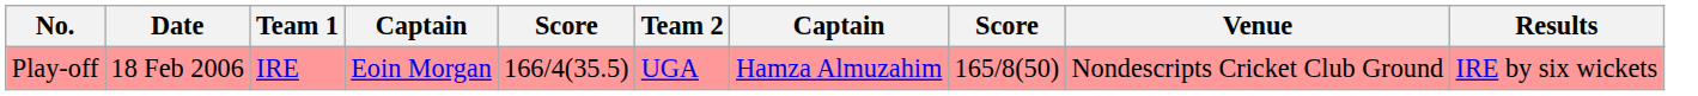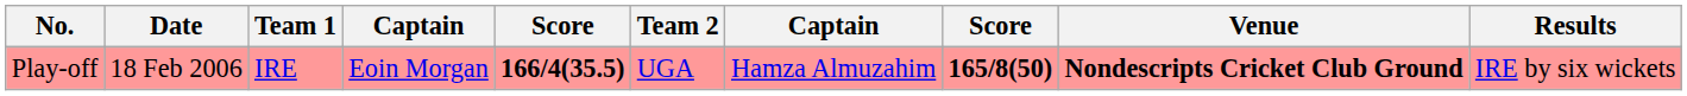 <table class="wikitable">
 <tr>
 <th>No.</th>
 <th>Date</th>
 <th>Team 1</th>
 <th>Captain</th>
 <th>Score</th>
 <th>Team 2</th>
 <th>Captain</th>
 <th>Score</th>
 <th>Venue</th>
 <th>Results</th>
 </tr>
 <tr>
 </tr>
 <tr bgcolor="FF9999">
 <td>Play-off</td>
 <td>18 Feb 2006</td>
 <td><a href='#'>IRE</a></td>
 <td><a href='#'>Eoin Morgan</a></td>
-<td>166/4(35.5)</td>
+<td><strong>166/4(35.5)</strong></td>
 <td><a href='#'>UGA</a></td>
 <td><a href='#'>Hamza Almuzahim</a></td>
-<td>165/8(50)</td>
-<td>Nondescripts Cricket Club Ground</td>
+<td><strong>165/8(50)</strong></td>
+<td><strong>Nondescripts Cricket Club Ground</strong></td>
 <td><a href='#'>IRE</a> by six wickets</td>
 </tr>
 </table>
